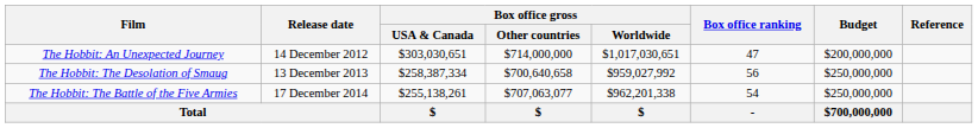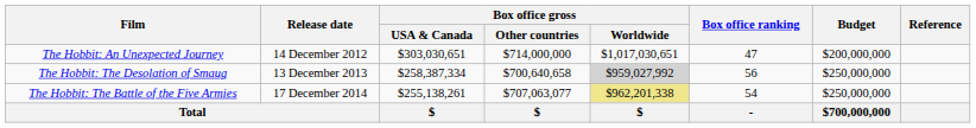 <table class="wikitable" width=99% border="1" style="text-align: center;">
 <tr>
 <th rowspan="2">Film</th>
 <th rowspan="2">Release date</th>
 <th colspan="3">Box office gross</th>
 <th rowspan="2" text="wrap"><a href='#'>Box office ranking</a></th>
 <th rowspan="2">Budget</th>
 <th rowspan="2">Reference</th>
 </tr>
 <tr>
 <th>USA & Canada</th>
 <th>Other countries</th>
 <th>Worldwide</th>
 </tr>
 <tr>
 <td><em><a href='#'>The Hobbit: An Unexpected Journey</a></em></td>
 <td>14 December 2012</td>
 <td>$303,030,651</td>
 <td>$714,000,000</td>
 <td>$1,017,030,651</td>
 <td>47</td>
 <td>$200,000,000</td>
 <td></td>
 </tr>
 <tr>
 <td><em><a href='#'>The Hobbit: The Desolation of Smaug</a></em></td>
 <td>13 December 2013</td>
 <td>$258,387,334</td>
 <td>$700,640,658</td>
-<td>$959,027,992</td>
+<td style="background: lightgrey;">$959,027,992</td>
 <td>56</td>
 <td>$250,000,000</td>
 <td></td>
 </tr>
 <tr>
 <td><em><a href='#'>The Hobbit: The Battle of the Five Armies</a></em></td>
 <td>17 December 2014</td>
 <td>$255,138,261</td>
 <td>$707,063,077</td>
-<td>$962,201,338</td>
+<td style="background: khaki;">$962,201,338</td>
 <td>54</td>
 <td>$250,000,000</td>
 <td></td>
 </tr>
 <tr>
 <th colspan="2">Total</th>
 <th>$</th>
 <th>$</th>
 <th>$</th>
 <th>-</th>
 <th>$700,000,000</th>
 <th></th>
 </tr>
 </table>
